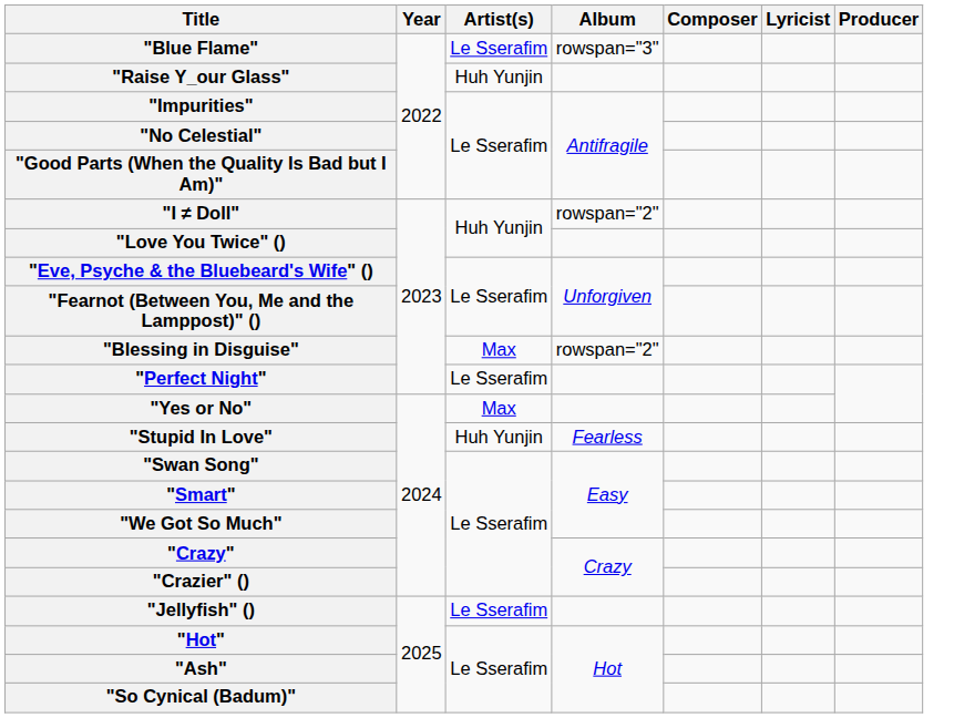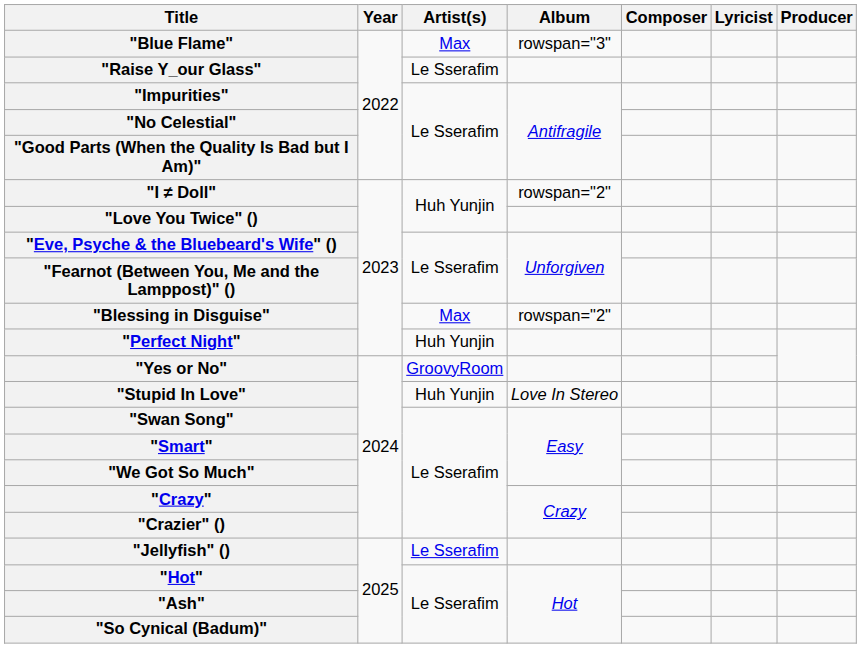 <table class="wikitable plainrowheaders sortable" style="text-align:center">
 <tr>
 <th scope="col" style="width:21em">Title</th>
 <th scope="col">Year</th>
 <th scope="col">Artist(s)</th>
 <th scope="col">Album</th>
 <th scope="col" class="unsortable">Composer</th>
 <th scope="col" class="unsortable">Lyricist</th>
 <th scope="col" class="unsortable">Producer</th>
 </tr>
 <tr>
 <th scope="row">"Blue Flame"</th>
 <td rowspan="5">2022</td>
-<td><a href='#'>Le Sserafim</a></td>
+<td><a href='#'>Max</a><br></td>
 <td>rowspan="3" </td>
 <td></td>
 <td></td>
 <td></td>
 </tr>
 <tr>
 <th scope="row">"Raise Y_our Glass"</th>
-<td>Huh Yunjin</td>
+<td>Le Sserafim</td>
 <td></td>
 <td></td>
 <td></td>
 <td></td>
 </tr>
 <tr>
 <th scope="row">"Impurities"</th>
 <td rowspan="3">Le Sserafim</td>
 <td rowspan="3"><em><a href='#'>Antifragile</a></em></td>
 <td></td>
 <td></td>
 <td></td>
 </tr>
 <tr>
 <th scope="row">"No Celestial"</th>
 <td></td>
 <td></td>
 <td></td>
 </tr>
 <tr>
 <th scope="row">"Good Parts (When the Quality Is Bad but I Am)"</th>
 <td></td>
 <td></td>
 <td></td>
 </tr>
 <tr>
 <th scope="row">"I ≠ Doll"</th>
 <td rowspan="6">2023</td>
 <td rowspan="2">Huh Yunjin</td>
 <td>rowspan="2" </td>
 <td></td>
 <td></td>
 <td></td>
 </tr>
 <tr>
 <th scope="row">"Love You Twice" ()</th>
 <td></td>
 <td></td>
 <td></td>
 </tr>
 <tr>
 <th scope="row">"<a href='#'>Eve, Psyche & the Bluebeard's Wife</a>" ()</th>
 <td rowspan="2">Le Sserafim</td>
 <td rowspan="2"><em><a href='#'>Unforgiven</a></em></td>
 <td></td>
 <td></td>
 <td></td>
 </tr>
 <tr>
 <th scope="row">"Fearnot (Between You, Me and the Lamppost)" ()</th>
 <td></td>
 <td></td>
 <td></td>
 </tr>
 <tr>
 <th scope="row">"Blessing in Disguise"</th>
 <td><a href='#'>Max</a><br></td>
 <td>rowspan="2" </td>
 <td></td>
 <td></td>
 <td></td>
 </tr>
 <tr>
 <th scope="row">"<a href='#'>Perfect Night</a>"</th>
-<td>Le Sserafim</td>
+<td>Huh Yunjin</td>
 <td></td>
 <td></td>
 <td></td>
 </tr>
 <tr>
 <th scope="row">"Yes or No"</th>
 <td rowspan="7">2024</td>
-<td><a href='#'>Max</a><br></td>
+<td><a href='#'>GroovyRoom</a><br></td>
 <td></td>
 <td></td>
 <td></td>
 </tr>
 <tr>
 <th scope="row">"Stupid In Love"</th>
 <td>Huh Yunjin</td>
-<td><em><a href='#'>Fearless</a></em></td>
+<td><em>Love In Stereo</em></td>
 <td></td>
 <td></td>
 <td></td>
 </tr>
 <tr>
 <th scope="row">"Swan Song"</th>
 <td rowspan="5">Le Sserafim</td>
 <td rowspan="3"><em><a href='#'>Easy</a></em></td>
 <td></td>
 <td></td>
 <td></td>
 </tr>
 <tr>
 <th scope="row">"<a href='#'>Smart</a>"</th>
 <td></td>
 <td></td>
 <td></td>
 </tr>
 <tr>
 <th scope="row">"We Got So Much"</th>
 <td></td>
 <td></td>
 <td></td>
 </tr>
 <tr>
 <th scope="row">"<a href='#'>Crazy</a>"</th>
 <td rowspan="2"><em><a href='#'>Crazy</a></em></td>
 <td></td>
 <td></td>
 <td></td>
 </tr>
 <tr>
 <th scope="row">"Crazier" ()</th>
 <td></td>
 <td></td>
 <td></td>
 </tr>
 <tr>
 <th scope="row">"Jellyfish" ()</th>
 <td rowspan="4">2025</td>
 <td><a href='#'>Le Sserafim</a></td>
 <td></td>
 <td></td>
 <td></td>
 <td></td>
 </tr>
 <tr>
 <th scope="row">"<a href='#'>Hot</a>"</th>
 <td rowspan="5">Le Sserafim</td>
 <td rowspan="3"><em><a href='#'>Hot</a></em></td>
 <td></td>
 <td></td>
 <td></td>
 </tr>
 <tr>
 <th scope="row">"Ash"</th>
 <td></td>
 <td></td>
 <td></td>
 </tr>
 <tr>
 <th scope="row">"So Cynical (Badum)"</th>
 <td></td>
 <td></td>
 <td></td>
 </tr>
 </table>
